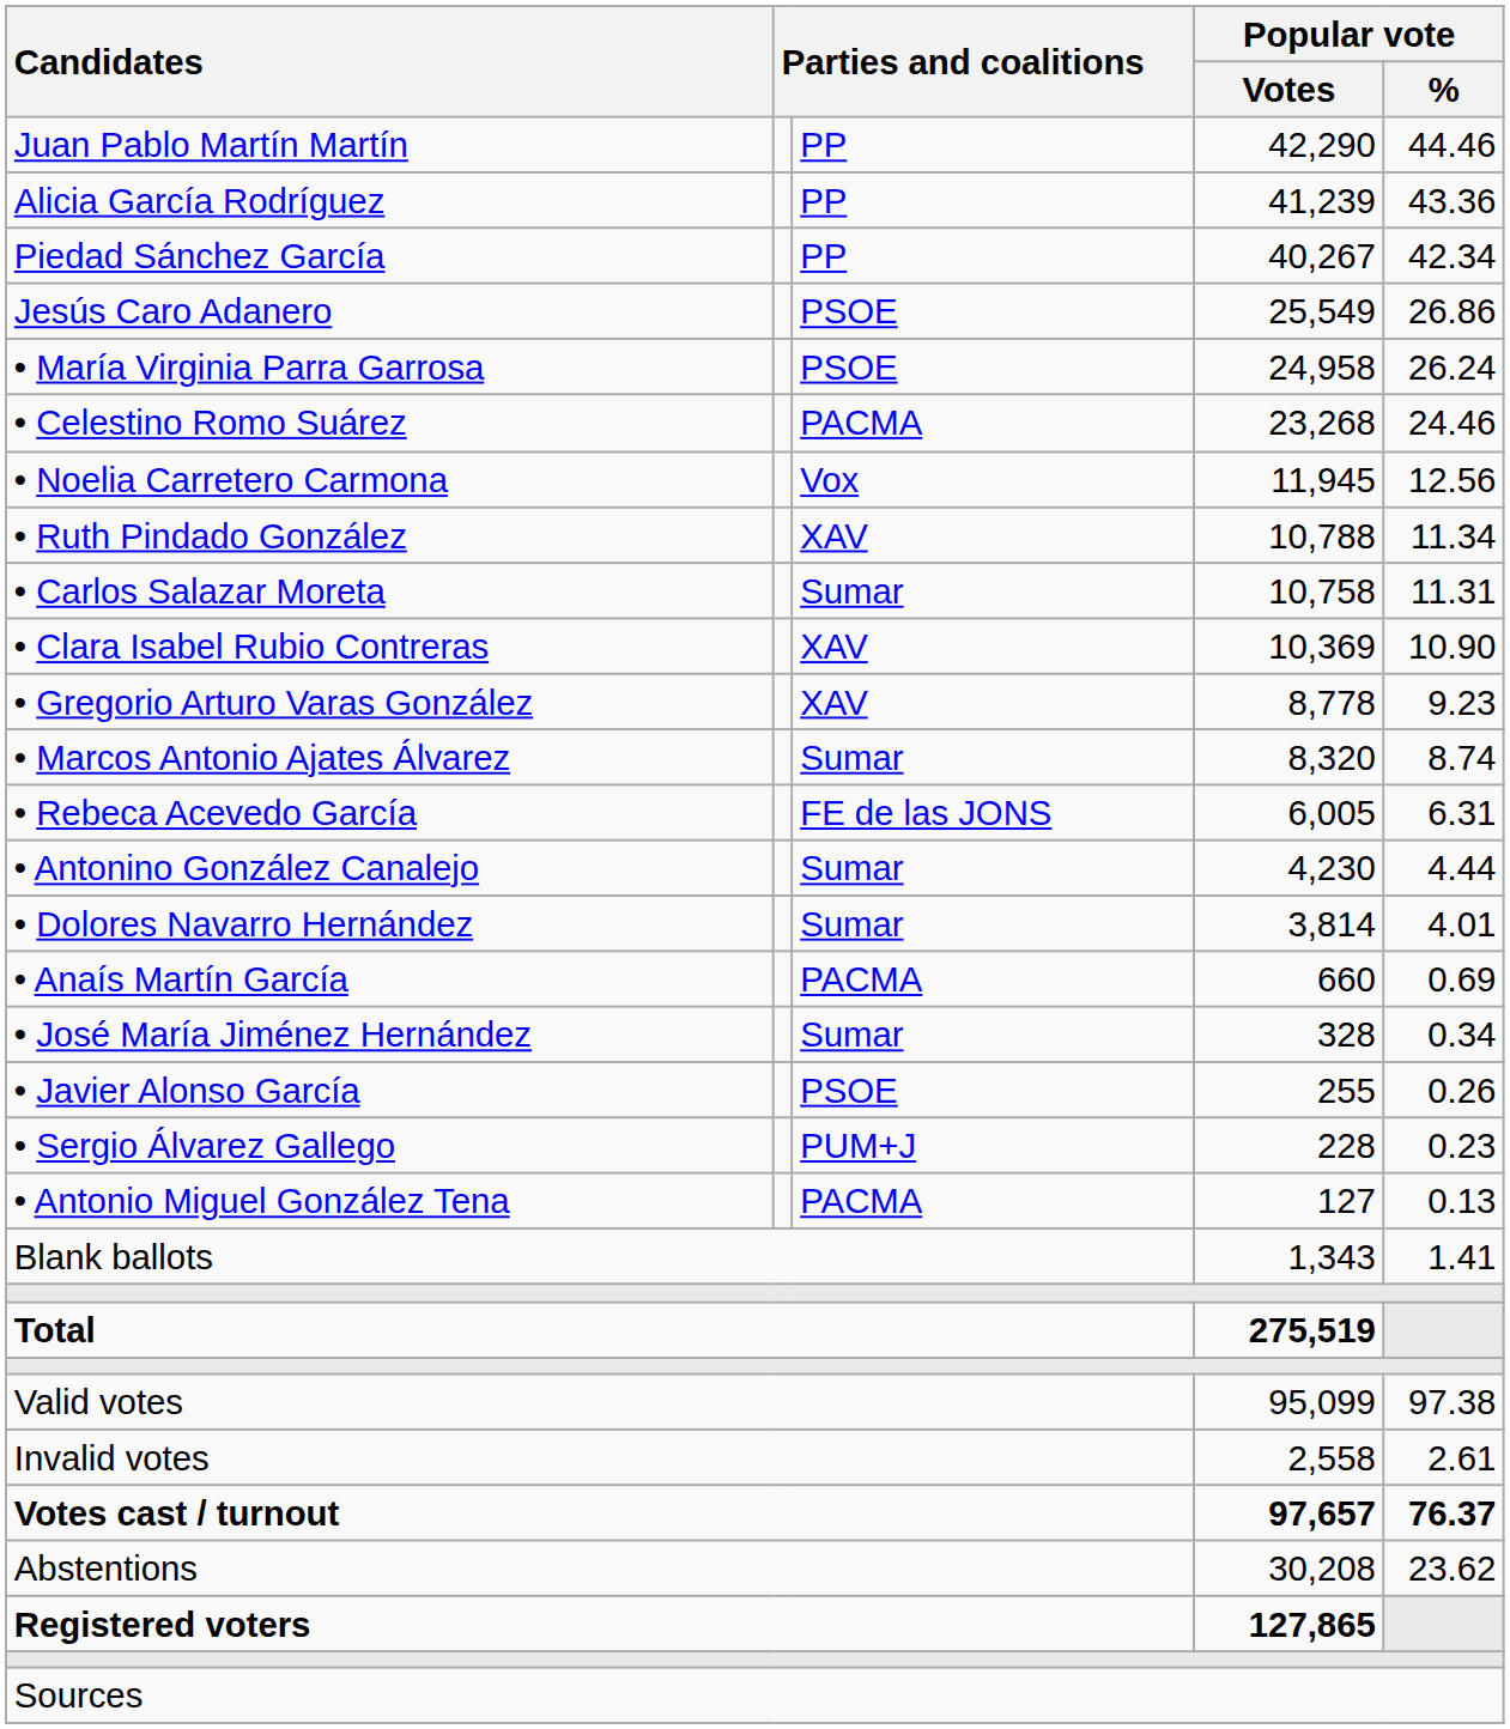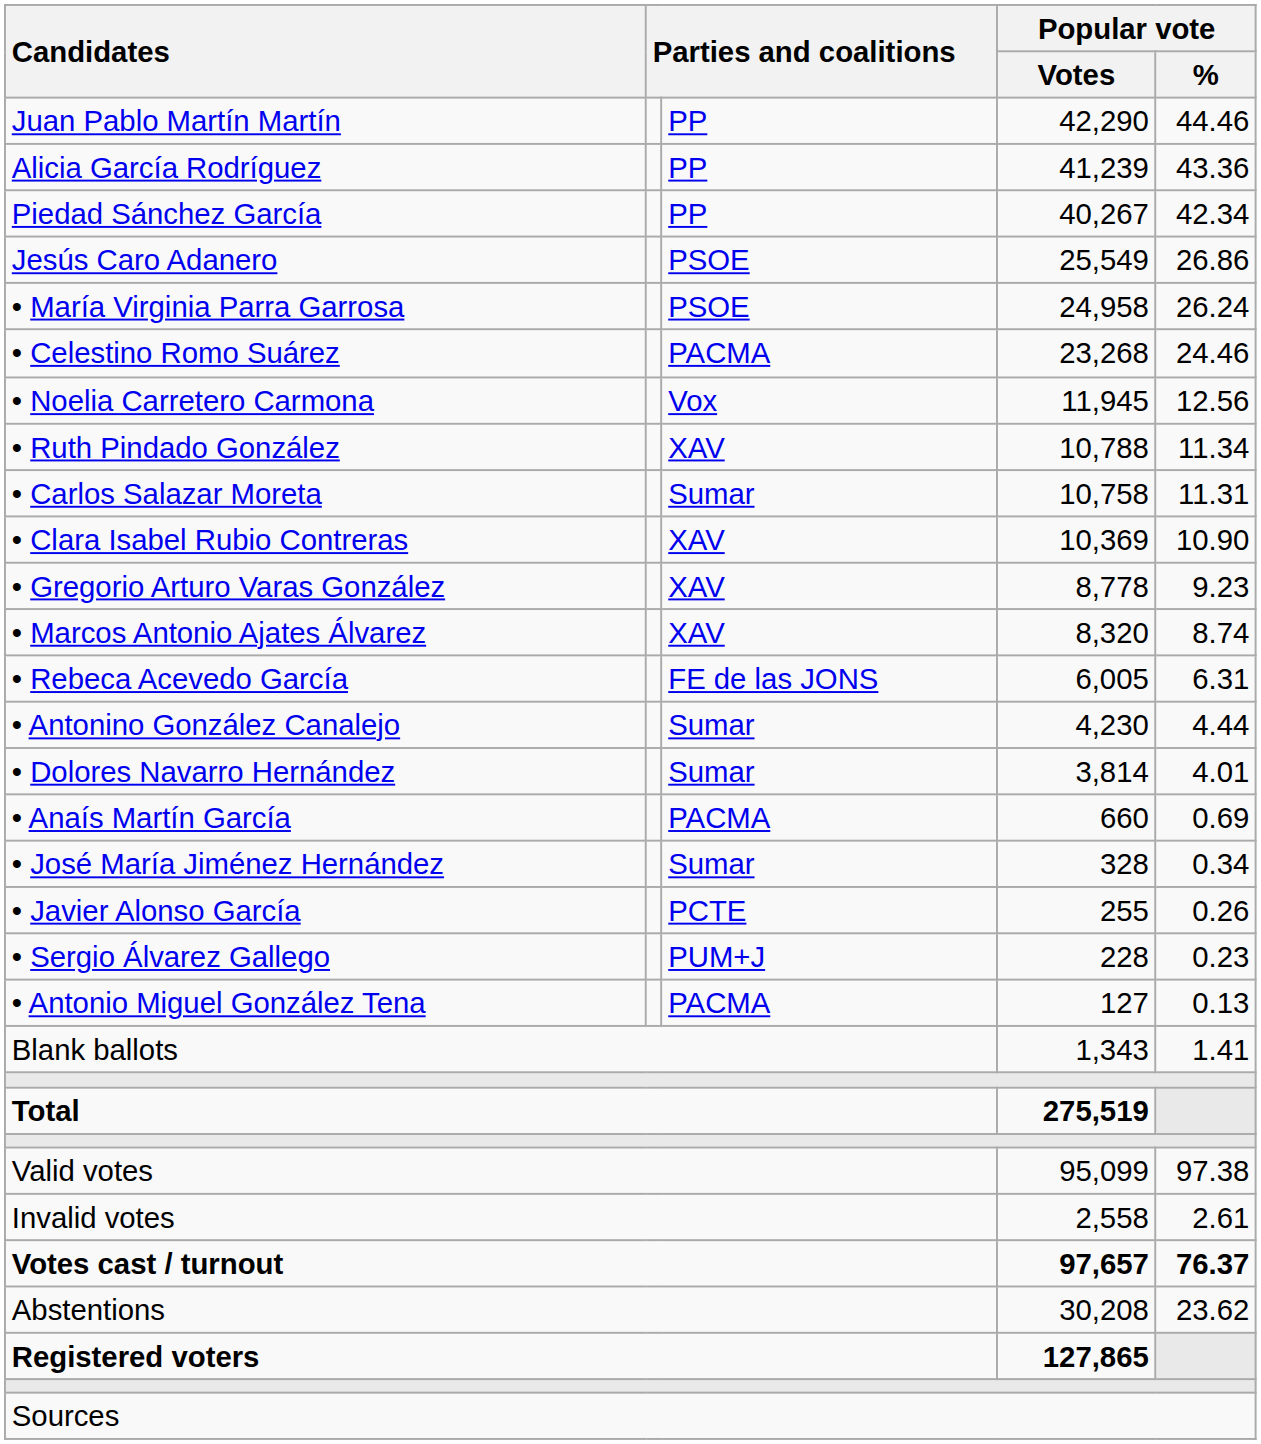 <table class="wikitable" style="text-align:right; font-size:95%;">
 <tr>
 <th style="text-align:left;" rowspan="2" width="325">Candidates</th>
 <th style="text-align:left;" rowspan="2" colspan="2" width="175">Parties and coalitions</th>
 <th colspan="2">Popular vote</th>
 </tr>
 <tr>
 <th width="75">Votes</th>
 <th width="45">%</th>
 </tr>
 <tr>
 <td align="left"> <a href='#'>Juan Pablo Martín Martín</a></td>
 <td width="1" style="color:inherit;background:"></td>
 <td align="left"><a href='#'>PP</a></td>
 <td>42,290</td>
 <td>44.46</td>
 </tr>
 <tr>
 <td align="left"> <a href='#'>Alicia García Rodríguez</a></td>
 <td width="1" style="color:inherit;background:"></td>
 <td align="left"><a href='#'>PP</a></td>
 <td>41,239</td>
 <td>43.36</td>
 </tr>
 <tr>
 <td align="left"> <a href='#'>Piedad Sánchez García</a></td>
 <td width="1" style="color:inherit;background:"></td>
 <td align="left"><a href='#'>PP</a></td>
 <td>40,267</td>
 <td>42.34</td>
 </tr>
 <tr>
 <td align="left"> <a href='#'>Jesús Caro Adanero</a></td>
 <td width="1" style="color:inherit;background:"></td>
 <td align="left"><a href='#'>PSOE</a></td>
 <td>25,549</td>
 <td>26.86</td>
 </tr>
 <tr>
 <td align="left">• <a href='#'>María Virginia Parra Garrosa</a></td>
 <td width="1" style="color:inherit;background:"></td>
 <td align="left"><a href='#'>PSOE</a></td>
 <td>24,958</td>
 <td>26.24</td>
 </tr>
 <tr>
 <td align="left">• <a href='#'>Celestino Romo Suárez</a></td>
 <td width="1" style="color:inherit;background:"></td>
 <td align="left"><a href='#'>PACMA</a></td>
 <td>23,268</td>
 <td>24.46</td>
 </tr>
 <tr>
 <td align="left">• <a href='#'>Noelia Carretero Carmona</a></td>
 <td width="1" style="color:inherit;background:"></td>
 <td align="left"><a href='#'>Vox</a></td>
 <td>11,945</td>
 <td>12.56</td>
 </tr>
 <tr>
 <td align="left">• <a href='#'>Ruth Pindado González</a></td>
 <td width="1" style="color:inherit;background:"></td>
 <td align="left"><a href='#'>XAV</a></td>
 <td>10,788</td>
 <td>11.34</td>
 </tr>
 <tr>
 <td align="left">• <a href='#'>Carlos Salazar Moreta</a></td>
 <td width="1" style="color:inherit;background:"></td>
 <td align="left"><a href='#'>Sumar</a></td>
 <td>10,758</td>
 <td>11.31</td>
 </tr>
 <tr>
 <td align="left">• <a href='#'>Clara Isabel Rubio Contreras</a></td>
 <td width="1" style="color:inherit;background:"></td>
 <td align="left"><a href='#'>XAV</a></td>
 <td>10,369</td>
 <td>10.90</td>
 </tr>
 <tr>
 <td align="left">• <a href='#'>Gregorio Arturo Varas González</a></td>
 <td width="1" style="color:inherit;background:"></td>
 <td align="left"><a href='#'>XAV</a></td>
 <td>8,778</td>
 <td>9.23</td>
 </tr>
 <tr>
 <td align="left">• <a href='#'>Marcos Antonio Ajates Álvarez</a></td>
 <td width="1" style="color:inherit;background:"></td>
-<td align="left"><a href='#'>Sumar</a></td>
+<td align="left"><a href='#'>XAV</a></td>
 <td>8,320</td>
 <td>8.74</td>
 </tr>
 <tr>
 <td align="left">• <a href='#'>Rebeca Acevedo García</a></td>
 <td width="1" style="color:inherit;background:"></td>
 <td align="left"><a href='#'>FE de las JONS</a></td>
 <td>6,005</td>
 <td>6.31</td>
 </tr>
 <tr>
 <td align="left">• <a href='#'>Antonino González Canalejo</a></td>
 <td width="1" style="color:inherit;background:"></td>
 <td align="left"><a href='#'>Sumar</a></td>
 <td>4,230</td>
 <td>4.44</td>
 </tr>
 <tr>
 <td align="left">• <a href='#'>Dolores Navarro Hernández</a></td>
 <td width="1" style="color:inherit;background:"></td>
 <td align="left"><a href='#'>Sumar</a></td>
 <td>3,814</td>
 <td>4.01</td>
 </tr>
 <tr>
 <td align="left">• <a href='#'>Anaís Martín García</a></td>
 <td width="1" style="color:inherit;background:"></td>
 <td align="left"><a href='#'>PACMA</a></td>
 <td>660</td>
 <td>0.69</td>
 </tr>
 <tr>
 <td align="left">• <a href='#'>José María Jiménez Hernández</a></td>
 <td width="1" style="color:inherit;background:"></td>
 <td align="left"><a href='#'>Sumar</a></td>
 <td>328</td>
 <td>0.34</td>
 </tr>
 <tr>
 <td align="left">• <a href='#'>Javier Alonso García</a></td>
 <td width="1" style="color:inherit;background:"></td>
-<td align="left"><a href='#'>PSOE</a></td>
+<td align="left"><a href='#'>PCTE</a></td>
 <td>255</td>
 <td>0.26</td>
 </tr>
 <tr>
 <td align="left">• <a href='#'>Sergio Álvarez Gallego</a></td>
 <td width="1" style="color:inherit;background:"></td>
 <td align="left"><a href='#'>PUM+J</a></td>
 <td>228</td>
 <td>0.23</td>
 </tr>
 <tr>
 <td align="left">• <a href='#'>Antonio Miguel González Tena</a></td>
 <td width="1" style="color:inherit;background:"></td>
 <td align="left"><a href='#'>PACMA</a></td>
 <td>127</td>
 <td>0.13</td>
 </tr>
 <tr>
 <td align="left" colspan="3">Blank ballots</td>
 <td>1,343</td>
 <td>1.41</td>
 </tr>
 <tr>
 <td colspan="5" bgcolor="#E9E9E9"></td>
 </tr>
 <tr style="font-weight:bold;">
 <td align="left" colspan="3">Total</td>
 <td>275,519</td>
 <td bgcolor="#E9E9E9"></td>
 </tr>
 <tr>
 <td colspan="5" bgcolor="#E9E9E9"></td>
 </tr>
 <tr>
 <td align="left" colspan="3">Valid votes</td>
 <td>95,099</td>
 <td>97.38</td>
 </tr>
 <tr>
 <td align="left" colspan="3">Invalid votes</td>
 <td>2,558</td>
 <td>2.61</td>
 </tr>
 <tr style="font-weight:bold;">
 <td align="left" colspan="3">Votes cast / turnout</td>
 <td>97,657</td>
 <td>76.37</td>
 </tr>
 <tr>
 <td align="left" colspan="3">Abstentions</td>
 <td>30,208</td>
 <td>23.62</td>
 </tr>
 <tr style="font-weight:bold;">
 <td align="left" colspan="3">Registered voters</td>
 <td>127,865</td>
 <td bgcolor="#E9E9E9"></td>
 </tr>
 <tr>
 <td colspan="5" bgcolor="#E9E9E9"></td>
 </tr>
 <tr>
 <td align="left" colspan="5">Sources</td>
 </tr>
 </table>
